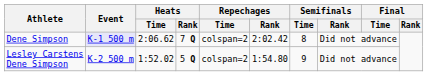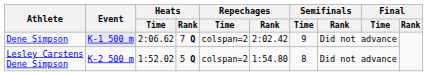 <table class="wikitable" style="font-size:90%">
 <tr>
 <th rowspan=2>Athlete</th>
 <th rowspan=2>Event</th>
 <th colspan=2>Heats</th>
 <th colspan=2>Repechages</th>
 <th colspan=2>Semifinals</th>
 <th colspan=2>Final</th>
 </tr>
 <tr style="font-size:95%">
 <th>Time</th>
 <th>Rank</th>
 <th>Time</th>
 <th>Rank</th>
 <th>Time</th>
 <th>Rank</th>
 <th>Time</th>
 <th>Rank</th>
 </tr>
 <tr align=center>
 <td align=left><a href='#'>Dene Simpson</a></td>
 <td align=left style="background: lavender;"><a href='#'>K-1 500 m</a></td>
 <td>2:06.62</td>
 <td>7 <strong>Q</strong></td>
 <td>colspan=2 </td>
 <td>2:02.42</td>
-<td>8</td>
+<td>9</td>
 <td colspan=2>Did not advance</td>
 </tr>
 <tr align=center>
 <td align=left><a href='#'>Lesley Carstens </a><br><a href='#'>Dene Simpson</a></td>
 <td align=left><a href='#'>K-2 500 m</a></td>
 <td>1:52.02</td>
 <td>5 <strong>Q</strong></td>
 <td>colspan=2 </td>
 <td>1:54.80</td>
-<td>9</td>
+<td>8</td>
 <td colspan=2>Did not advance</td>
 </tr>
 </table>
